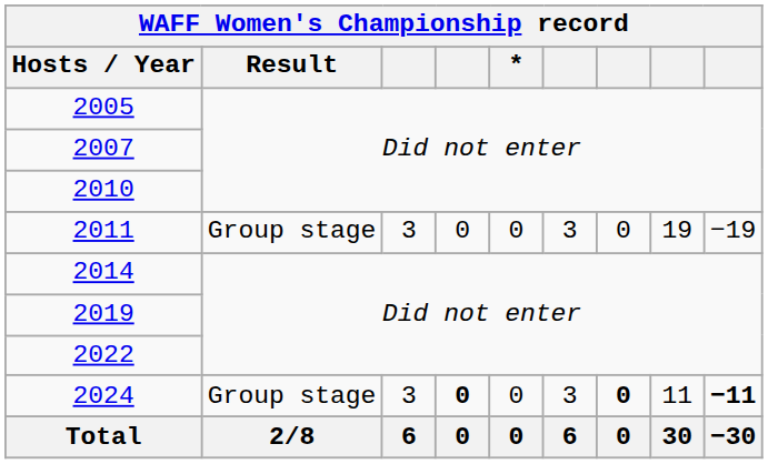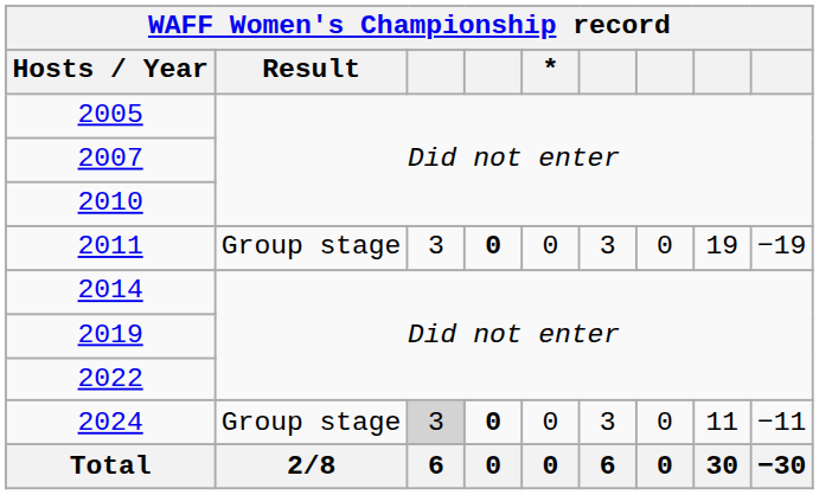 <table class="wikitable" style="text-align: center;font-size:95%;">
 <tr>
 <th colspan="9"><a href='#'>WAFF Women's Championship</a> record</th>
 </tr>
 <tr>
 <th>Hosts / Year</th>
 <th>Result</th>
 <th width=20></th>
 <th width=20></th>
 <th width=20>*</th>
 <th width=20></th>
 <th width=20></th>
 <th width=20></th>
 <th width=20></th>
 </tr>
 <tr>
 <td> <a href='#'>2005</a></td>
 <td colspan=8 rowspan=3><em>Did not enter</em></td>
 </tr>
 <tr>
 <td> <a href='#'>2007</a></td>
 </tr>
 <tr>
 <td> <a href='#'>2010</a></td>
 </tr>
 <tr>
 <td> <a href='#'>2011</a></td>
 <td>Group stage</td>
 <td>3</td>
-<td>0</td>
+<td><strong>0</strong></td>
 <td>0</td>
 <td>3</td>
 <td>0</td>
 <td>19</td>
 <td>−19</td>
 </tr>
 <tr>
 <td> <a href='#'>2014</a></td>
 <td colspan=8 rowspan=3><em>Did not enter</em></td>
 </tr>
 <tr>
 <td> <a href='#'>2019</a></td>
 </tr>
 <tr>
 <td> <a href='#'>2022</a></td>
 </tr>
 <tr>
 <td> <a href='#'>2024</a></td>
 <td>Group stage</td>
-<td>3</td>
+<td style="background: lightgrey;">3</td>
 <td><strong>0</strong></td>
 <td>0</td>
 <td>3</td>
-<td><strong>0</strong></td>
+<td>0</td>
 <td>11</td>
-<td><strong>−11</strong></td>
+<td>−11</td>
 </tr>
 <tr>
 <th>Total</th>
 <th>2/8</th>
 <th>6</th>
 <th>0</th>
 <th>0</th>
 <th>6</th>
 <th>0</th>
 <th>30</th>
 <th>−30</th>
 </tr>
 </table>
